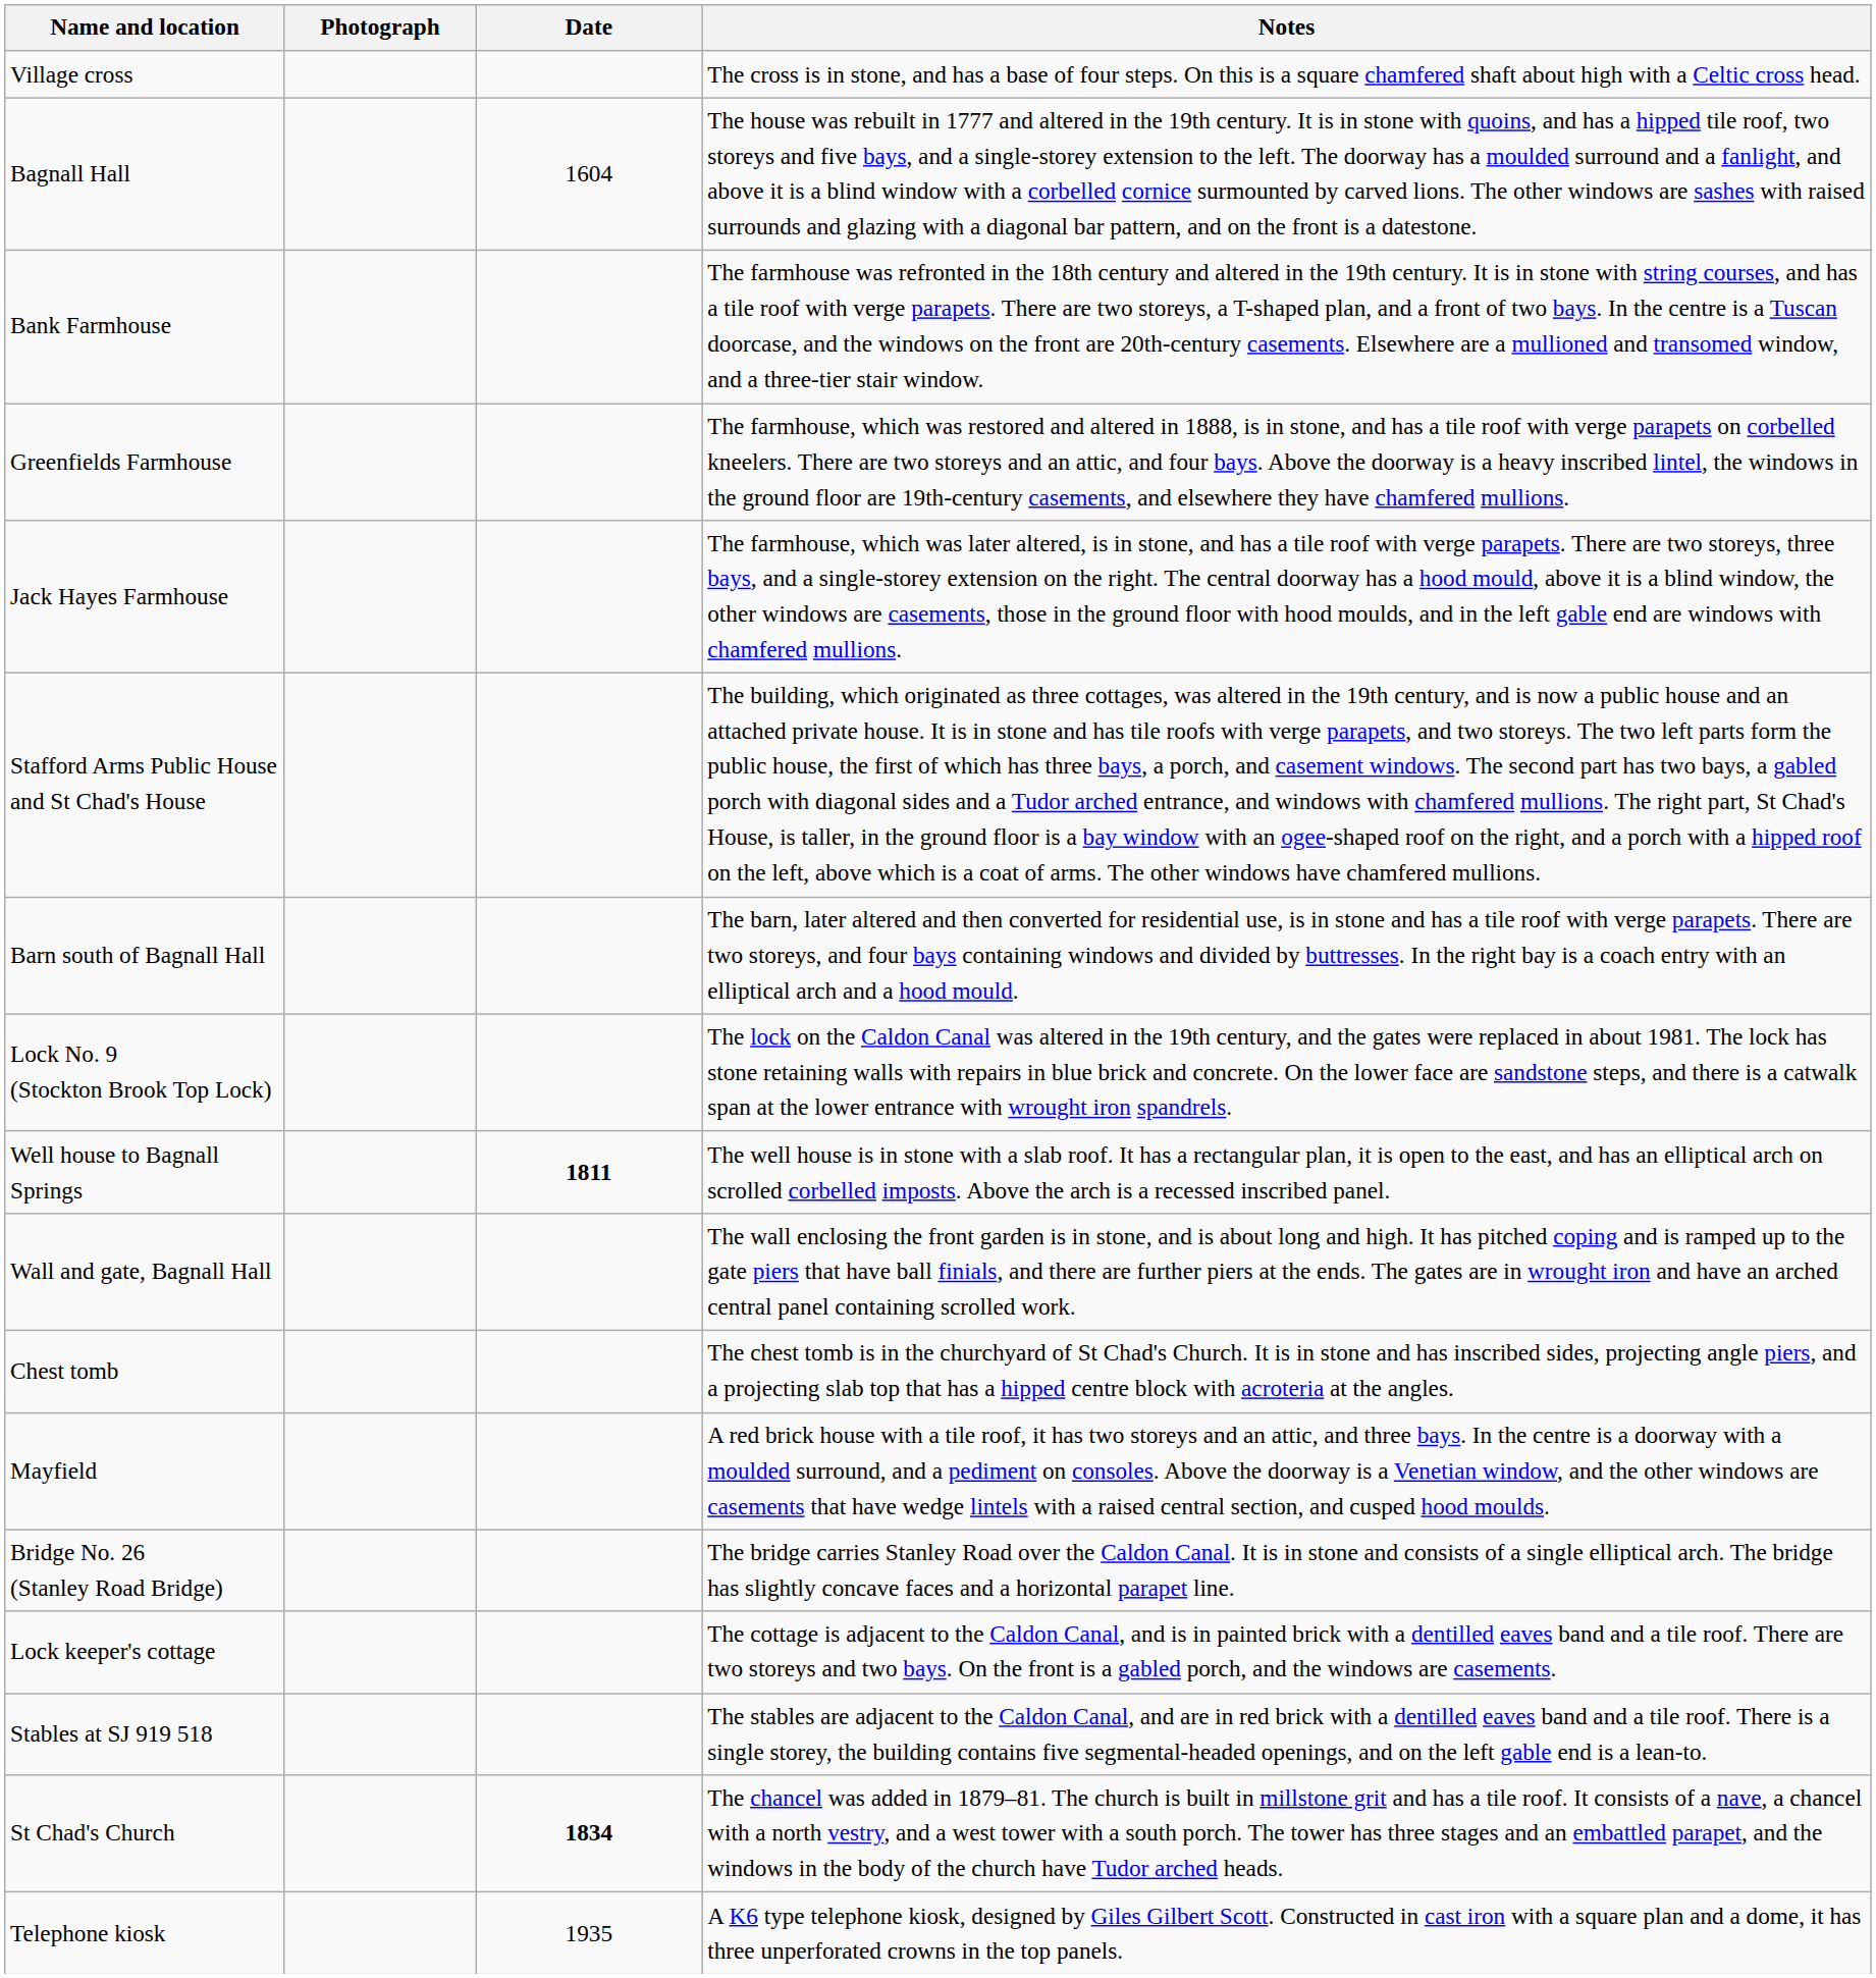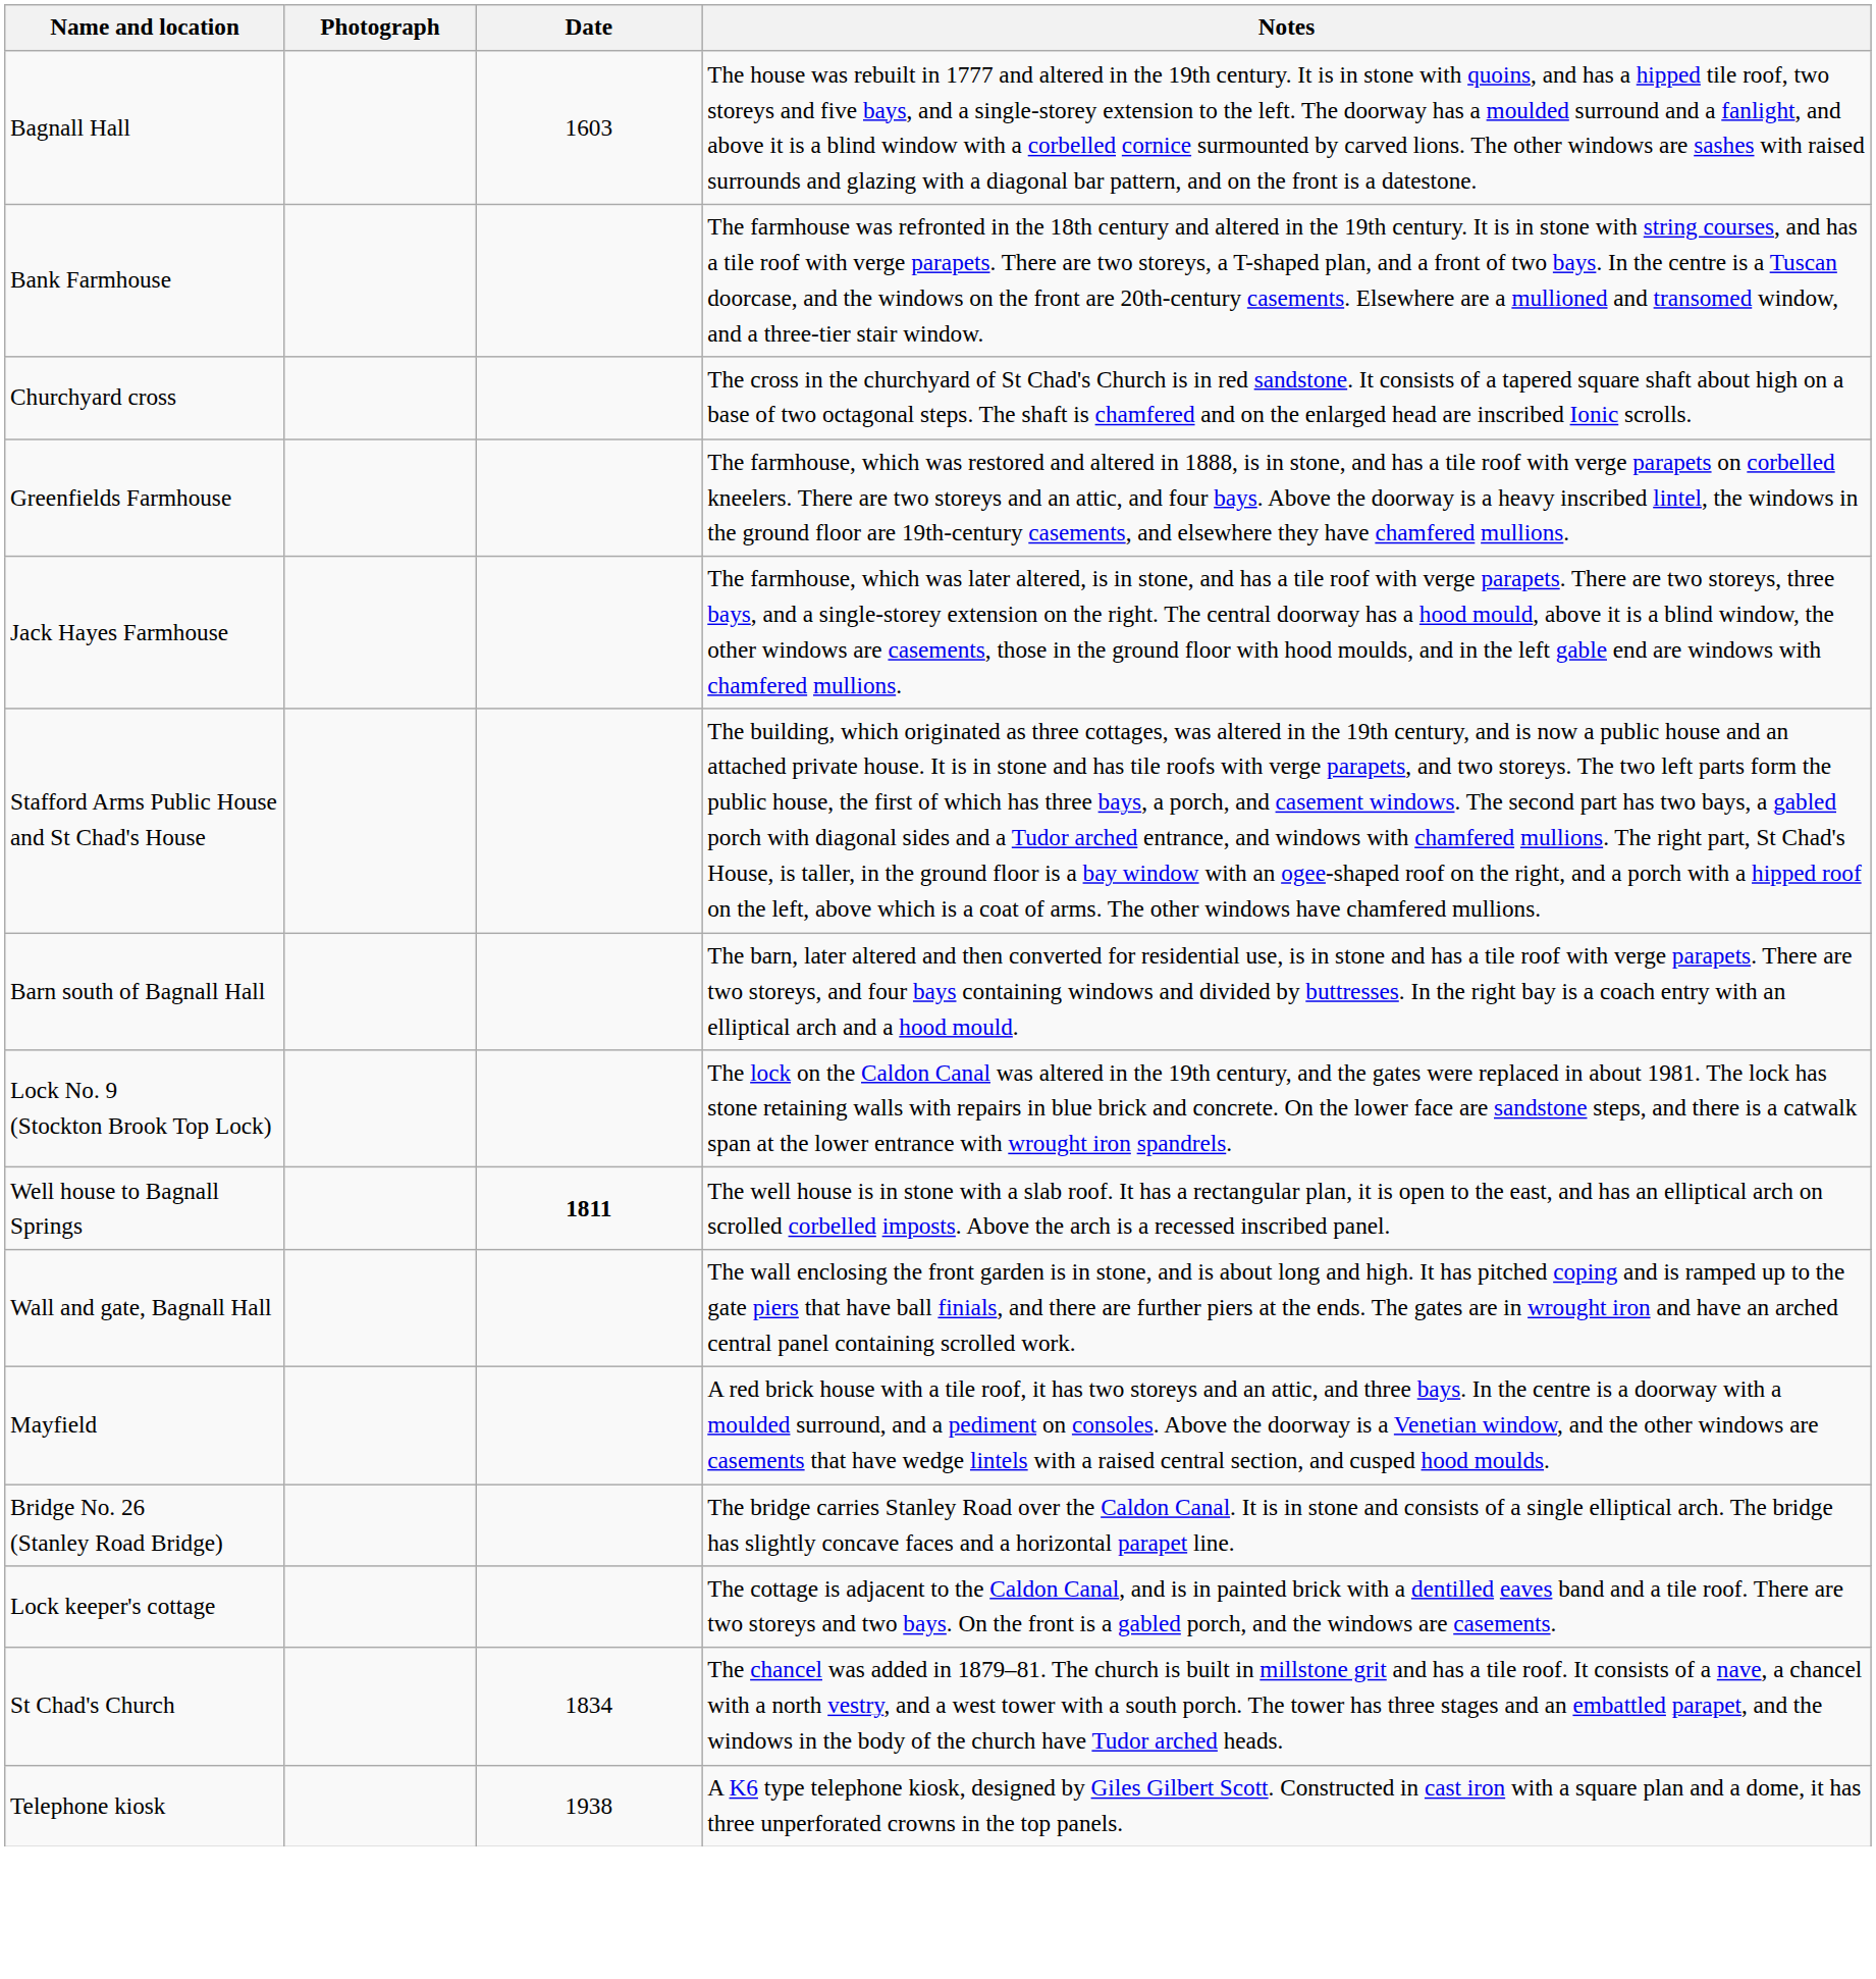 <table class="wikitable sortable plainrowheaders" style="width:100%;border:0px;text-align:left;line-height:150%;">
 <tr>
 <th scope="col"  style="width:150px">Name and location</th>
 <th scope="col"  style="width:100px" class="unsortable">Photograph</th>
 <th scope="col"  style="width:120px">Date</th>
 <th scope="col"  style="width:650px" class="unsortable">Notes</th>
 </tr>
 <tr>
-<td>Village cross<br><small></small></td>
-<td></td>
-<td align="center"></td>
-<td>The cross is in stone, and has a base of four steps.  On this is a square <a href='#'>chamfered</a> shaft about  high with a <a href='#'>Celtic cross</a> head.</td>
-</tr>
-<tr>
 <td>Bagnall Hall<br><small></small></td>
 <td></td>
-<td align="center">1604</td>
+<td align="center">1603</td>
 <td>The house was rebuilt in 1777 and altered in the 19th century.  It is in stone with <a href='#'>quoins</a>, and has a <a href='#'>hipped</a> tile roof, two storeys and five <a href='#'>bays</a>, and a single-storey extension to the left.  The doorway has a <a href='#'>moulded</a> surround and a <a href='#'>fanlight</a>, and above it is a blind window with a <a href='#'>corbelled</a> <a href='#'>cornice</a> surmounted by carved lions.  The other windows are <a href='#'>sashes</a> with raised surrounds and glazing with a diagonal bar pattern, and on the front is a datestone.</td>
 </tr>
 <tr>
 <td>Bank Farmhouse<br><small></small></td>
 <td></td>
 <td align="center"></td>
 <td>The farmhouse was refronted in the 18th century and altered in the 19th century.  It is in stone with <a href='#'>string courses</a>, and has a tile roof with verge <a href='#'>parapets</a>.  There are two storeys, a T-shaped plan, and a front of two <a href='#'>bays</a>.  In the centre is a <a href='#'>Tuscan</a> doorcase, and the windows on the front are 20th-century <a href='#'>casements</a>.  Elsewhere are a <a href='#'>mullioned</a> and <a href='#'>transomed</a> window, and a three-tier stair window.</td>
+</tr>
+<tr>
+<td>Churchyard cross<br><small></small></td>
+<td></td>
+<td align="center"></td>
+<td>The cross in the churchyard of St Chad's Church is in red <a href='#'>sandstone</a>.  It consists of a tapered square shaft about  high on a base of two octagonal steps.  The shaft is <a href='#'>chamfered</a> and on the enlarged head are inscribed <a href='#'>Ionic</a> scrolls.</td>
 </tr>
 <tr>
 <td>Greenfields Farmhouse<br><small></small></td>
 <td></td>
 <td align="center"></td>
 <td>The farmhouse, which was restored and altered in 1888, is in stone, and has a tile roof with verge <a href='#'>parapets</a> on <a href='#'>corbelled</a> kneelers.  There are two storeys and an attic, and four <a href='#'>bays</a>.  Above the doorway is a heavy inscribed <a href='#'>lintel</a>, the windows in the ground floor are 19th-century <a href='#'>casements</a>, and elsewhere they have <a href='#'>chamfered</a> <a href='#'>mullions</a>.</td>
 </tr>
 <tr>
 <td>Jack Hayes Farmhouse<br><small></small></td>
 <td></td>
 <td align="center"></td>
 <td>The farmhouse, which was later altered, is in stone, and has a tile roof with verge <a href='#'>parapets</a>.  There are two storeys, three <a href='#'>bays</a>, and a single-storey extension on the right.  The central doorway has a <a href='#'>hood mould</a>, above it is a blind window, the other windows are <a href='#'>casements</a>, those in the ground floor with hood moulds, and in the left <a href='#'>gable</a> end are windows with <a href='#'>chamfered</a> <a href='#'>mullions</a>.</td>
 </tr>
 <tr>
 <td>Stafford Arms Public House and St Chad's House<br><small></small></td>
 <td></td>
 <td align="center"></td>
 <td>The building, which originated as three cottages, was altered in the 19th century, and is now a public house and an attached private house.  It is in stone and has tile roofs with verge <a href='#'>parapets</a>, and two storeys.  The two left parts form the public house, the first of which has three <a href='#'>bays</a>, a porch, and <a href='#'>casement windows</a>.  The second part has two bays, a <a href='#'>gabled</a> porch with diagonal sides and a <a href='#'>Tudor arched</a> entrance, and windows with <a href='#'>chamfered</a> <a href='#'>mullions</a>.  The right part, St Chad's House, is taller, in the ground floor is a <a href='#'>bay window</a> with an <a href='#'>ogee</a>-shaped roof on the right, and a porch with a <a href='#'>hipped roof</a> on the left, above which is a coat of arms.  The other windows have chamfered mullions.</td>
 </tr>
 <tr>
 <td>Barn south of Bagnall Hall<br><small></small></td>
 <td></td>
 <td align="center"></td>
 <td>The barn, later altered and then converted for residential use, is in stone and has a tile roof with verge <a href='#'>parapets</a>.  There are two storeys, and four <a href='#'>bays</a> containing windows and divided by <a href='#'>buttresses</a>.  In the right bay is a coach entry with an elliptical arch and a <a href='#'>hood mould</a>.</td>
 </tr>
 <tr>
 <td>Lock No. 9<br>(Stockton Brook Top Lock)<br><small></small></td>
 <td></td>
 <td align="center"></td>
 <td>The <a href='#'>lock</a> on the <a href='#'>Caldon Canal</a> was altered in the 19th century, and the gates were replaced in about 1981.  The lock has stone retaining walls with repairs in blue brick and concrete.  On the lower face are <a href='#'>sandstone</a> steps, and there is a catwalk span at the lower entrance with <a href='#'>wrought iron</a> <a href='#'>spandrels</a>.</td>
 </tr>
 <tr>
 <td>Well house to Bagnall Springs<br><small></small></td>
 <td></td>
 <td align="center"><strong>1811</strong></td>
 <td>The well house is in stone with a slab roof.  It has a rectangular plan, it is open to the east, and has an elliptical arch on scrolled <a href='#'>corbelled</a> <a href='#'>imposts</a>.  Above the arch is a recessed inscribed panel.</td>
 </tr>
 <tr>
 <td>Wall and gate, Bagnall Hall<br><small></small></td>
 <td></td>
 <td align="center"></td>
 <td>The wall enclosing the front garden is in stone, and is about  long and  high.  It has pitched <a href='#'>coping</a> and is ramped up to the gate <a href='#'>piers</a> that have ball <a href='#'>finials</a>, and there are further piers at the ends.  The gates are in <a href='#'>wrought iron</a> and have an arched central panel containing scrolled work.</td>
 </tr>
 <tr>
-<td>Chest tomb<br><small></small></td>
-<td></td>
-<td align="center"></td>
-<td>The chest tomb is in the churchyard of St Chad's Church.  It is in stone and has inscribed sides, projecting angle <a href='#'>piers</a>, and a projecting slab top that has a <a href='#'>hipped</a> centre block with <a href='#'>acroteria</a> at the angles.</td>
-</tr>
-<tr>
 <td>Mayfield<br><small></small></td>
 <td></td>
 <td align="center"></td>
 <td>A red brick house with a tile roof, it has two storeys and an attic, and three <a href='#'>bays</a>.  In the centre is a doorway with a <a href='#'>moulded</a> surround, and a <a href='#'>pediment</a> on <a href='#'>consoles</a>.  Above the doorway is a <a href='#'>Venetian window</a>, and the other windows are <a href='#'>casements</a> that have wedge <a href='#'>lintels</a> with a raised central section, and cusped <a href='#'>hood moulds</a>.</td>
 </tr>
 <tr>
 <td>Bridge No. 26<br>(Stanley Road Bridge)<br><small></small></td>
 <td></td>
 <td align="center"></td>
 <td>The bridge carries Stanley Road over the <a href='#'>Caldon Canal</a>.  It is in stone and consists of a single elliptical arch.  The bridge has slightly concave faces and a horizontal <a href='#'>parapet</a> line.</td>
 </tr>
 <tr>
 <td>Lock keeper's cottage<br><small></small></td>
 <td></td>
 <td align="center"></td>
 <td>The cottage is adjacent to the <a href='#'>Caldon Canal</a>, and is in painted brick with a <a href='#'>dentilled</a> <a href='#'>eaves</a> band and a tile roof.  There are two storeys and two <a href='#'>bays</a>.  On the front is a <a href='#'>gabled</a> porch, and the windows are <a href='#'>casements</a>.</td>
 </tr>
 <tr>
-<td>Stables at SJ 919 518<br><small></small></td>
-<td></td>
-<td align="center"></td>
-<td>The stables are adjacent to the <a href='#'>Caldon Canal</a>, and are in red brick with a <a href='#'>dentilled</a> <a href='#'>eaves</a> band and a tile roof.  There is a single storey, the building contains five segmental-headed openings, and on the left <a href='#'>gable</a> end is a lean-to.</td>
-</tr>
-<tr>
 <td>St Chad's Church<br><small></small></td>
 <td></td>
-<td align="center"><strong>1834</strong></td>
+<td align="center">1834</td>
 <td>The <a href='#'>chancel</a> was added in 1879–81.  The church is built in <a href='#'>millstone grit</a> and has a tile roof.  It consists of a <a href='#'>nave</a>, a chancel with a north <a href='#'>vestry</a>, and a west tower with a south porch.  The tower has three stages and an <a href='#'>embattled</a> <a href='#'>parapet</a>, and the windows in the body of the church have <a href='#'>Tudor arched</a> heads.</td>
 </tr>
 <tr>
 <td>Telephone kiosk<br><small></small></td>
 <td></td>
-<td align="center">1935</td>
+<td align="center">1938</td>
 <td>A <a href='#'>K6</a> type telephone kiosk, designed by <a href='#'>Giles Gilbert Scott</a>.  Constructed in <a href='#'>cast iron</a> with a square plan and a dome, it has three unperforated crowns in the top panels.</td>
 </tr>
 <tr>
 </tr>
 </table>
